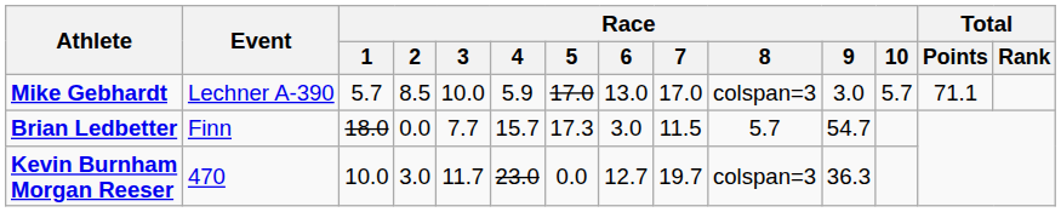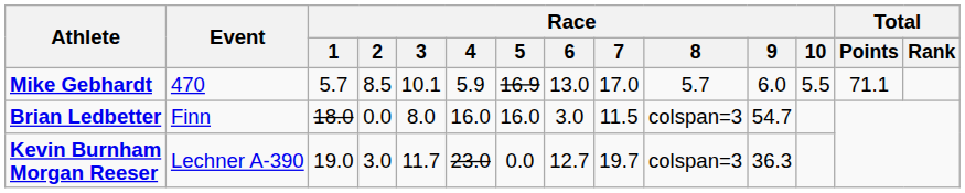 <table class=wikitable style=font-size:90%;text-align:center>
 <tr>
 <th rowspan=2>Athlete</th>
 <th rowspan=2>Event</th>
 <th colspan=10>Race</th>
 <th colspan=2>Total</th>
 </tr>
 <tr style=font-size:95%>
 <th>1</th>
 <th>2</th>
 <th>3</th>
 <th>4</th>
 <th>5</th>
 <th>6</th>
 <th>7</th>
 <th>8</th>
 <th>9</th>
 <th>10</th>
 <th>Points</th>
 <th>Rank</th>
 </tr>
 <tr>
 <td align=left><strong><a href='#'>Mike Gebhardt</a></strong></td>
-<td align=left><a href='#'>Lechner A-390</a></td>
+<td align=left><a href='#'>470</a></td>
 <td>5.7</td>
 <td>8.5</td>
-<td>10.0</td>
+<td>10.1</td>
 <td>5.9</td>
-<td><s>17.0</s></td>
+<td><s>16.9</s></td>
 <td>13.0</td>
 <td>17.0</td>
-<td>colspan=3 </td>
-<td>3.0</td>
 <td>5.7</td>
+<td>6.0</td>
+<td>5.5</td>
 <td>71.1</td>
 <td></td>
 </tr>
 <tr>
 <td align=left><strong><a href='#'>Brian Ledbetter</a></strong></td>
 <td align=left><a href='#'>Finn</a></td>
 <td><s>18.0</s></td>
 <td>0.0</td>
-<td>7.7</td>
-<td>15.7</td>
-<td>17.3</td>
+<td>8.0</td>
+<td>16.0</td>
+<td>16.0</td>
 <td>3.0</td>
 <td>11.5</td>
-<td>5.7</td>
+<td>colspan=3 </td>
 <td>54.7</td>
 <td></td>
 </tr>
 <tr>
 <td align=left><strong><a href='#'>Kevin Burnham</a><br><a href='#'>Morgan Reeser</a></strong></td>
-<td align=left><a href='#'>470</a></td>
-<td>10.0</td>
+<td align=left><a href='#'>Lechner A-390</a></td>
+<td>19.0</td>
 <td>3.0</td>
 <td>11.7</td>
 <td><s>23.0</s></td>
 <td>0.0</td>
 <td>12.7</td>
 <td>19.7</td>
 <td>colspan=3 </td>
 <td>36.3</td>
 <td></td>
 </tr>
 </table>
